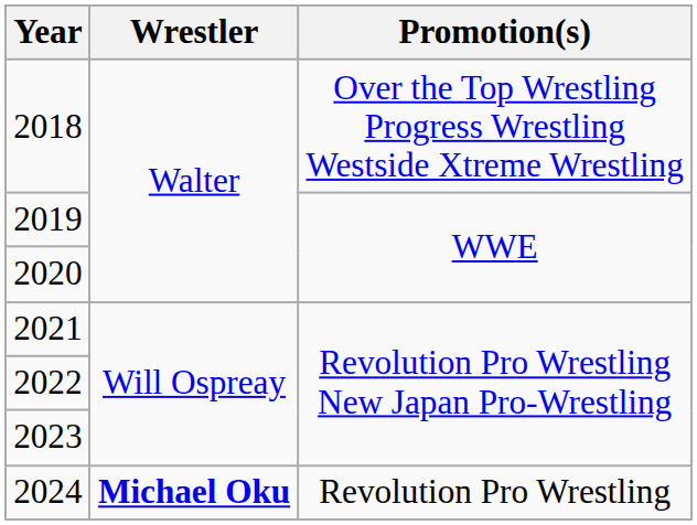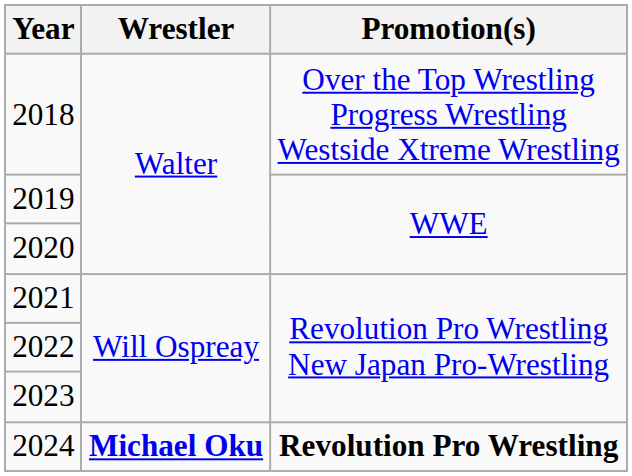 <table class="wikitable sortable" style="text-align: center">
 <tr>
 <th>Year</th>
 <th>Wrestler</th>
 <th>Promotion(s)</th>
 </tr>
 <tr>
 <td>2018</td>
 <td rowspan=3><a href='#'>Walter</a></td>
 <td><a href='#'>Over the Top Wrestling</a><br><a href='#'>Progress Wrestling</a><br><a href='#'>Westside Xtreme Wrestling</a></td>
 </tr>
 <tr>
 <td>2019</td>
 <td rowspan="2"><a href='#'>WWE</a></td>
 </tr>
 <tr>
 <td>2020</td>
 </tr>
 <tr>
 <td>2021</td>
 <td rowspan="3"><a href='#'>Will Ospreay</a></td>
 <td rowspan="3"><a href='#'>Revolution Pro Wrestling</a><br><a href='#'>New Japan Pro-Wrestling</a></td>
 </tr>
 <tr>
 <td>2022</td>
 </tr>
 <tr>
 <td>2023</td>
 </tr>
 <tr>
 <td>2024</td>
 <td><strong><a href='#'>Michael Oku</a></strong></td>
-<td>Revolution Pro Wrestling</td>
+<td><strong>Revolution Pro Wrestling</strong></td>
 </tr>
 </table>
